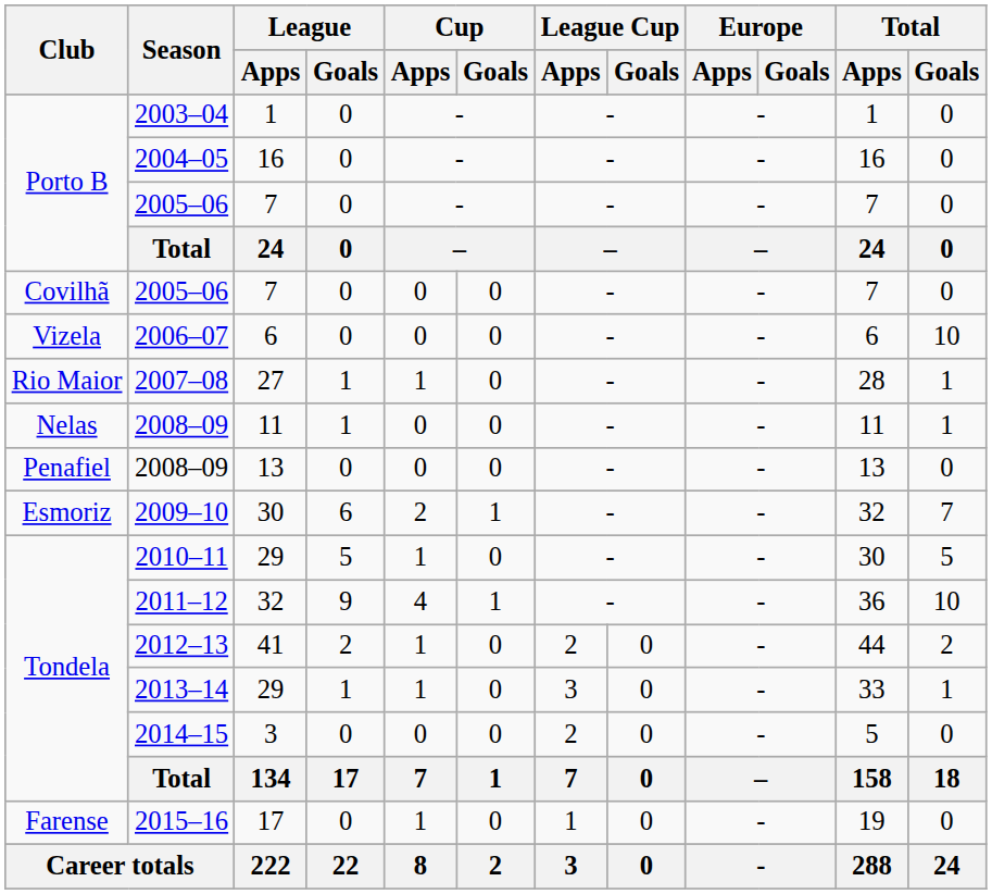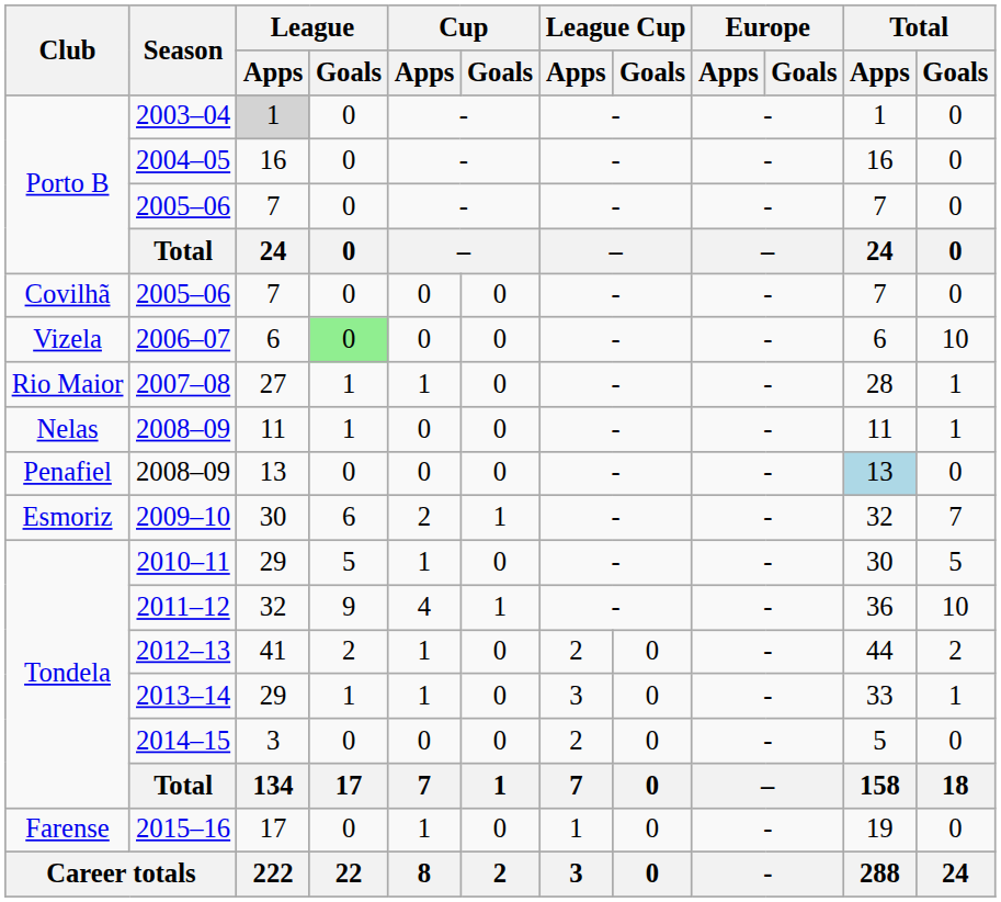 <table class="wikitable" style="font-size:90%; text-align: center">
 <tr>
 <th rowspan="2">Club</th>
 <th rowspan="2">Season</th>
 <th colspan="2">League</th>
 <th colspan="2">Cup</th>
 <th colspan="2">League Cup</th>
 <th colspan="2">Europe</th>
 <th colspan="2">Total</th>
 </tr>
 <tr>
 <th>Apps</th>
 <th>Goals</th>
 <th>Apps</th>
 <th>Goals</th>
 <th>Apps</th>
 <th>Goals</th>
 <th>Apps</th>
 <th>Goals</th>
 <th>Apps</th>
 <th>Goals</th>
 </tr>
 <tr>
 <td rowspan=4><a href='#'>Porto B</a></td>
 <td><a href='#'>2003–04</a></td>
-<td>1</td>
+<td style="background: lightgrey;">1</td>
 <td>0</td>
 <td colspan="2">-</td>
 <td colspan="2">-</td>
 <td colspan="2">-</td>
 <td>1</td>
 <td>0</td>
 </tr>
 <tr>
 <td><a href='#'>2004–05</a></td>
 <td>16</td>
 <td>0</td>
 <td colspan="2">-</td>
 <td colspan="2">-</td>
 <td colspan="2">-</td>
 <td>16</td>
 <td>0</td>
 </tr>
 <tr>
 <td><a href='#'>2005–06</a></td>
 <td>7</td>
 <td>0</td>
 <td colspan="2">-</td>
 <td colspan="2">-</td>
 <td colspan="2">-</td>
 <td>7</td>
 <td>0</td>
 </tr>
 <tr>
 <th colspan=1>Total</th>
 <th>24</th>
 <th>0</th>
 <th colspan="2">–</th>
 <th colspan="2">–</th>
 <th colspan="2">–</th>
 <th>24</th>
 <th>0</th>
 </tr>
 <tr>
 <td rowspan=1><a href='#'>Covilhã</a></td>
 <td><a href='#'>2005–06</a></td>
 <td>7</td>
 <td>0</td>
 <td>0</td>
 <td>0</td>
 <td colspan="2">-</td>
 <td colspan="2">-</td>
 <td>7</td>
 <td>0</td>
 </tr>
 <tr>
 <td rowspan=1><a href='#'>Vizela</a></td>
 <td><a href='#'>2006–07</a></td>
 <td>6</td>
-<td>0</td>
+<td style="background: lightgreen;">0</td>
 <td>0</td>
 <td>0</td>
 <td colspan="2">-</td>
 <td colspan="2">-</td>
 <td>6</td>
 <td>10</td>
 </tr>
 <tr>
 <td rowspan=1><a href='#'>Rio Maior</a></td>
 <td><a href='#'>2007–08</a></td>
 <td>27</td>
 <td>1</td>
 <td>1</td>
 <td>0</td>
 <td colspan="2">-</td>
 <td colspan="2">-</td>
 <td>28</td>
 <td>1</td>
 </tr>
 <tr>
 <td rowspan=1><a href='#'>Nelas</a></td>
 <td><a href='#'>2008–09</a></td>
 <td>11</td>
 <td>1</td>
 <td>0</td>
 <td>0</td>
 <td colspan="2">-</td>
 <td colspan="2">-</td>
 <td>11</td>
 <td>1</td>
 </tr>
 <tr>
 <td rowspan=1><a href='#'>Penafiel</a></td>
 <td>2008–09</td>
 <td>13</td>
 <td>0</td>
 <td>0</td>
 <td>0</td>
 <td colspan="2">-</td>
 <td colspan="2">-</td>
-<td>13</td>
+<td style="background: lightblue;">13</td>
 <td>0</td>
 </tr>
 <tr>
 <td rowspan=1><a href='#'>Esmoriz</a></td>
 <td><a href='#'>2009–10</a></td>
 <td>30</td>
 <td>6</td>
 <td>2</td>
 <td>1</td>
 <td colspan="2">-</td>
 <td colspan="2">-</td>
 <td>32</td>
 <td>7</td>
 </tr>
 <tr>
 <td rowspan=6><a href='#'>Tondela</a></td>
 <td><a href='#'>2010–11</a></td>
 <td>29</td>
 <td>5</td>
 <td>1</td>
 <td>0</td>
 <td colspan="2">-</td>
 <td colspan="2">-</td>
 <td>30</td>
 <td>5</td>
 </tr>
 <tr>
 <td><a href='#'>2011–12</a></td>
 <td>32</td>
 <td>9</td>
 <td>4</td>
 <td>1</td>
 <td colspan="2">-</td>
 <td colspan="2">-</td>
 <td>36</td>
 <td>10</td>
 </tr>
 <tr>
 <td><a href='#'>2012–13</a></td>
 <td>41</td>
 <td>2</td>
 <td>1</td>
 <td>0</td>
 <td>2</td>
 <td>0</td>
 <td colspan="2">-</td>
 <td>44</td>
 <td>2</td>
 </tr>
 <tr>
 <td><a href='#'>2013–14</a></td>
 <td>29</td>
 <td>1</td>
 <td>1</td>
 <td>0</td>
 <td>3</td>
 <td>0</td>
 <td colspan="2">-</td>
 <td>33</td>
 <td>1</td>
 </tr>
 <tr>
 <td><a href='#'>2014–15</a></td>
 <td>3</td>
 <td>0</td>
 <td>0</td>
 <td>0</td>
 <td>2</td>
 <td>0</td>
 <td colspan="2">-</td>
 <td>5</td>
 <td>0</td>
 </tr>
 <tr>
 <th colspan=1>Total</th>
 <th>134</th>
 <th>17</th>
 <th>7</th>
 <th>1</th>
 <th>7</th>
 <th>0</th>
 <th colspan="2">–</th>
 <th>158</th>
 <th>18</th>
 </tr>
 <tr>
 <td rowspan=1><a href='#'>Farense</a></td>
 <td><a href='#'>2015–16</a></td>
 <td>17</td>
 <td>0</td>
 <td>1</td>
 <td>0</td>
 <td>1</td>
 <td>0</td>
 <td colspan="2">-</td>
 <td>19</td>
 <td>0</td>
 </tr>
 <tr>
 <th colspan=2>Career totals</th>
 <th>222</th>
 <th>22</th>
 <th>8</th>
 <th>2</th>
 <th>3</th>
 <th>0</th>
 <th colspan="2">-</th>
 <th>288</th>
 <th>24</th>
 </tr>
 </table>
